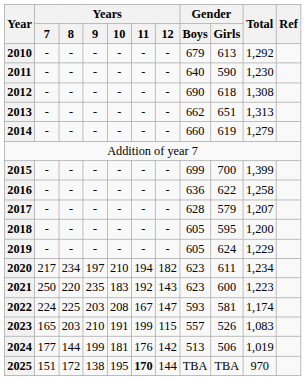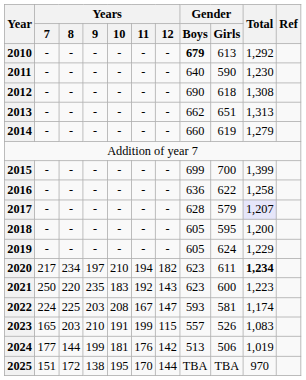 <table class="wikitable sortable">
 <tr>
 <th rowspan=2>Year</th>
 <th colspan=6>Years</th>
 <th colspan=2>Gender</th>
 <th rowspan=2>Total</th>
 <th rowspan=2>Ref</th>
 </tr>
 <tr>
 <th>7</th>
 <th>8</th>
 <th>9</th>
 <th>10</th>
 <th>11</th>
 <th>12</th>
 <th>Boys</th>
 <th>Girls</th>
 </tr>
 <tr>
 <th>2010</th>
 <td style="text-align:center">-</td>
 <td style="text-align:center">-</td>
 <td style="text-align:center">-</td>
 <td style="text-align:center">-</td>
 <td style="text-align:center">-</td>
 <td style="text-align:center">-</td>
-<td style="text-align:center">679</td>
+<td style="text-align:center"><strong>679</strong></td>
 <td style="text-align:center">613</td>
 <td style="text-align:center">1,292</td>
 <td></td>
 </tr>
 <tr>
 <th>2011</th>
 <td style="text-align:center">-</td>
 <td style="text-align:center">-</td>
 <td style="text-align:center">-</td>
 <td style="text-align:center">-</td>
 <td style="text-align:center">-</td>
 <td style="text-align:center">-</td>
 <td style="text-align:center">640</td>
 <td style="text-align:center">590</td>
 <td style="text-align:center">1,230</td>
 <td></td>
 </tr>
 <tr>
 <th>2012</th>
 <td style="text-align:center">-</td>
 <td style="text-align:center">-</td>
 <td style="text-align:center">-</td>
 <td style="text-align:center">-</td>
 <td style="text-align:center">-</td>
 <td style="text-align:center">-</td>
 <td style="text-align:center">690</td>
 <td style="text-align:center">618</td>
 <td style="text-align:center">1,308</td>
 <td></td>
 </tr>
 <tr>
 <th>2013</th>
 <td style="text-align:center">-</td>
 <td style="text-align:center">-</td>
 <td style="text-align:center">-</td>
 <td style="text-align:center">-</td>
 <td style="text-align:center">-</td>
 <td style="text-align:center">-</td>
 <td style="text-align:center">662</td>
 <td style="text-align:center">651</td>
 <td style="text-align:center">1,313</td>
 <td></td>
 </tr>
 <tr>
 <th>2014</th>
 <td style="text-align:center">-</td>
 <td style="text-align:center">-</td>
 <td style="text-align:center">-</td>
 <td style="text-align:center">-</td>
 <td style="text-align:center">-</td>
 <td style="text-align:center">-</td>
 <td style="text-align:center">660</td>
 <td style="text-align:center">619</td>
 <td style="text-align:center">1,279</td>
 <td></td>
 </tr>
 <tr>
 <td style="text-align:center" colspan=11>Addition of year 7</td>
 </tr>
 <tr>
 <th>2015</th>
 <td style="text-align:center">-</td>
 <td style="text-align:center">-</td>
 <td style="text-align:center">-</td>
 <td style="text-align:center">-</td>
 <td style="text-align:center">-</td>
 <td style="text-align:center">-</td>
 <td style="text-align:center">699</td>
 <td style="text-align:center">700</td>
 <td style="text-align:center">1,399</td>
 <td></td>
 </tr>
 <tr>
 <th>2016</th>
 <td style="text-align:center">-</td>
 <td style="text-align:center">-</td>
 <td style="text-align:center">-</td>
 <td style="text-align:center">-</td>
 <td style="text-align:center">-</td>
 <td style="text-align:center">-</td>
 <td style="text-align:center">636</td>
 <td style="text-align:center">622</td>
 <td style="text-align:center">1,258</td>
 <td></td>
 </tr>
 <tr>
 <th>2017</th>
 <td style="text-align:center">-</td>
 <td style="text-align:center">-</td>
 <td style="text-align:center">-</td>
 <td style="text-align:center">-</td>
 <td style="text-align:center">-</td>
 <td style="text-align:center">-</td>
 <td style="text-align:center">628</td>
 <td style="text-align:center">579</td>
-<td style="text-align:center">1,207</td>
+<td style="background: lavender; text-align:center">1,207</td>
 <td></td>
 </tr>
 <tr>
 <th>2018</th>
 <td style="text-align:center">-</td>
 <td style="text-align:center">-</td>
 <td style="text-align:center">-</td>
 <td style="text-align:center">-</td>
 <td style="text-align:center">-</td>
 <td style="text-align:center">-</td>
 <td style="text-align:center">605</td>
 <td style="text-align:center">595</td>
 <td style="text-align:center">1,200</td>
 <td></td>
 </tr>
 <tr>
 <th>2019</th>
 <td style="text-align:center">-</td>
 <td style="text-align:center">-</td>
 <td style="text-align:center">-</td>
 <td style="text-align:center">-</td>
 <td style="text-align:center">-</td>
 <td style="text-align:center">-</td>
 <td style="text-align:center">605</td>
 <td style="text-align:center">624</td>
 <td style="text-align:center">1,229</td>
 <td></td>
 </tr>
 <tr>
 <th>2020</th>
 <td style="text-align:center">217</td>
 <td style="text-align:center">234</td>
 <td style="text-align:center">197</td>
 <td style="text-align:center">210</td>
 <td style="text-align:center">194</td>
 <td style="text-align:center">182</td>
 <td style="text-align:center">623</td>
 <td style="text-align:center">611</td>
-<td style="text-align:center">1,234</td>
+<td style="text-align:center"><strong>1,234</strong></td>
 <td></td>
 </tr>
 <tr>
 <th>2021</th>
 <td style="text-align:center">250</td>
 <td style="text-align:center">220</td>
 <td style="text-align:center">235</td>
 <td style="text-align:center">183</td>
 <td style="text-align:center">192</td>
 <td style="text-align:center">143</td>
 <td style="text-align:center">623</td>
 <td style="text-align:center">600</td>
 <td style="text-align:center">1,223</td>
 <td></td>
 </tr>
 <tr>
 <th>2022</th>
 <td style="text-align:center">224</td>
 <td style="text-align:center">225</td>
 <td style="text-align:center">203</td>
 <td style="text-align:center">208</td>
 <td style="text-align:center">167</td>
 <td style="text-align:center">147</td>
 <td style="text-align:center">593</td>
 <td style="text-align:center">581</td>
 <td style="text-align:center">1,174</td>
 <td></td>
 </tr>
 <tr>
 <th>2023</th>
 <td style="text-align:center">165</td>
 <td style="text-align:center">203</td>
 <td style="text-align:center">210</td>
 <td style="text-align:center">191</td>
 <td style="text-align:center">199</td>
 <td style="text-align:center">115</td>
 <td style="text-align:center">557</td>
 <td style="text-align:center">526</td>
 <td style="text-align:center">1,083</td>
 <td></td>
 </tr>
 <tr>
 <th>2024</th>
 <td style="text-align:center">177</td>
 <td style="text-align:center">144</td>
 <td style="text-align:center">199</td>
 <td style="text-align:center">181</td>
 <td style="text-align:center">176</td>
 <td style="text-align:center">142</td>
 <td style="text-align:center">513</td>
 <td style="text-align:center">506</td>
 <td style="text-align:center">1,019</td>
 <td></td>
 </tr>
 <tr>
 <th>2025</th>
 <td style="text-align:center">151</td>
 <td style="text-align:center">172</td>
 <td style="text-align:center">138</td>
 <td style="text-align:center">195</td>
-<td style="text-align:center"><strong>170</strong></td>
+<td style="text-align:center">170</td>
 <td style="text-align:center">144</td>
 <td style="text-align:center">TBA</td>
 <td style="text-align:center">TBA</td>
 <td style="text-align:center">970</td>
 <td></td>
 </tr>
 </table>
